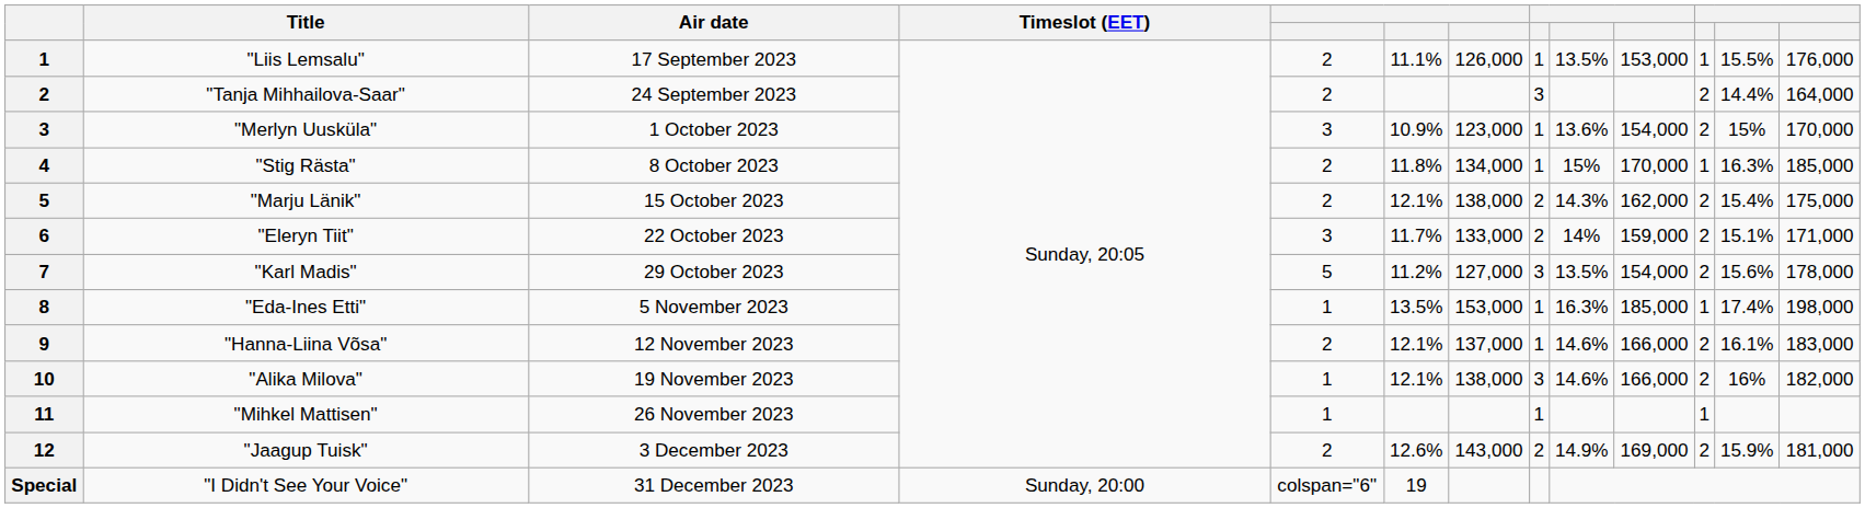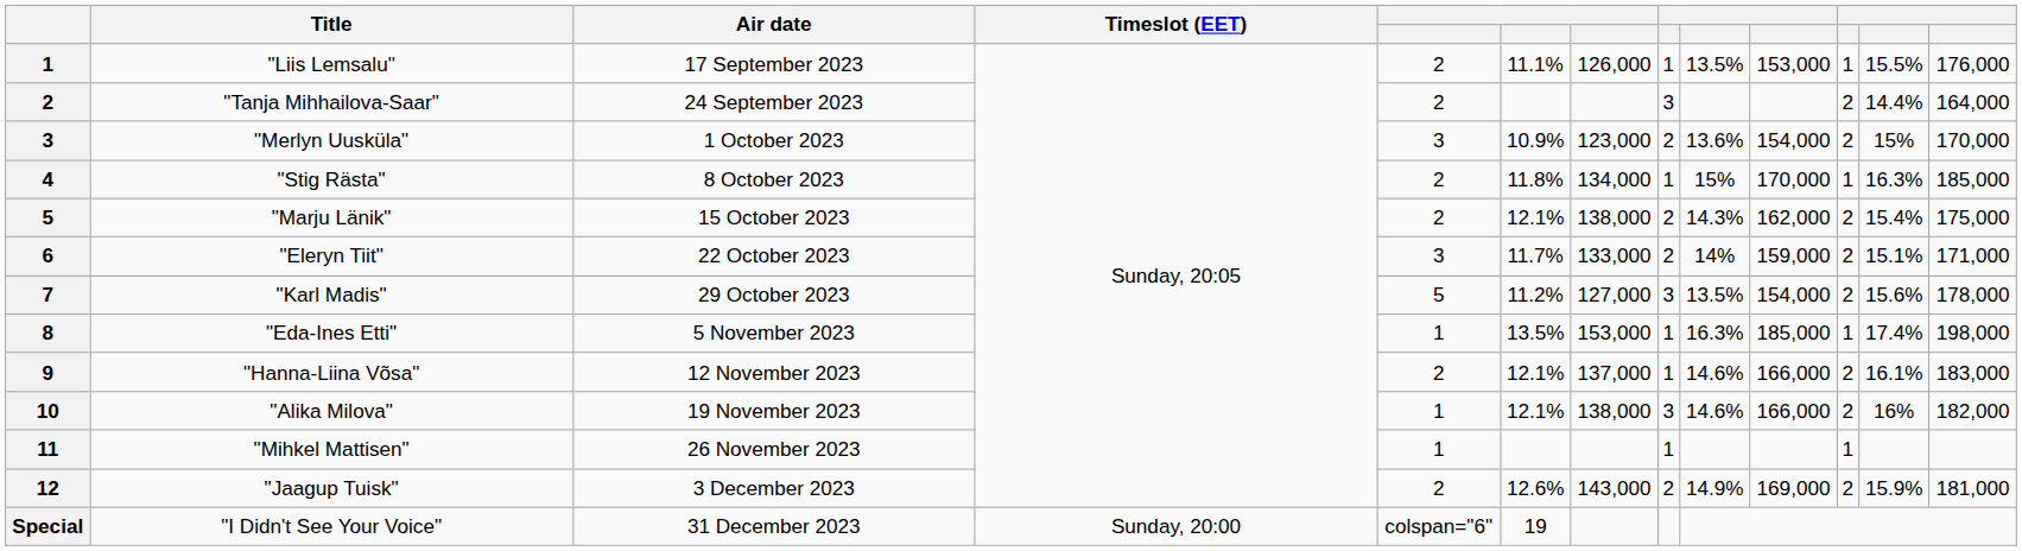 <table class="sortable wikitable plainrowheaders mw-collapsible" style="text-align:center; line-height:23px; width:100%;">
 <tr>
 <th rowspan=2 class="unsortable"></th>
 <th width=24% rowspan=2 class="unsortable">Title</th>
 <th width=20% rowspan=2 class="unsortable">Air date</th>
 <th width=20% rowspan=2 class="unsortable">Timeslot (<a href='#'>EET</a>)</th>
 <th colspan=3></th>
 <th colspan=3></th>
 <th colspan=3></th>
 </tr>
 <tr>
 <th class="unsortable"></th>
 <th></th>
 <th></th>
 <th class="unsortable"></th>
 <th></th>
 <th></th>
 <th class="unsortable"></th>
 <th></th>
 <th></th>
 </tr>
 <tr>
 <th>1</th>
 <td>"Liis Lemsalu"</td>
 <td>17 September 2023</td>
 <td rowspan="12">Sunday, 20:05</td>
 <td>2</td>
 <td>11.1%</td>
 <td>126,000</td>
 <td>1</td>
 <td>13.5%</td>
 <td>153,000</td>
 <td>1</td>
 <td>15.5%</td>
 <td>176,000</td>
 </tr>
 <tr>
 <th>2</th>
 <td>"Tanja Mihhailova-Saar"</td>
 <td>24 September 2023</td>
 <td>2</td>
 <td></td>
 <td></td>
 <td>3</td>
 <td></td>
 <td></td>
 <td>2</td>
 <td>14.4%</td>
 <td>164,000</td>
 </tr>
 <tr>
 <th>3</th>
 <td>"Merlyn Uusküla"</td>
 <td>1 October 2023</td>
 <td>3</td>
 <td>10.9%</td>
 <td>123,000</td>
-<td>1</td>
+<td>2</td>
 <td>13.6%</td>
 <td>154,000</td>
 <td>2</td>
 <td>15%</td>
 <td>170,000</td>
 </tr>
 <tr>
 <th>4</th>
 <td>"Stig Rästa"</td>
 <td>8 October 2023</td>
 <td>2</td>
 <td>11.8%</td>
 <td>134,000</td>
 <td>1</td>
 <td>15%</td>
 <td>170,000</td>
 <td>1</td>
 <td>16.3%</td>
 <td>185,000</td>
 </tr>
 <tr>
 <th>5</th>
 <td>"Marju Länik"</td>
 <td>15 October 2023</td>
 <td>2</td>
 <td>12.1%</td>
 <td>138,000</td>
 <td>2</td>
 <td>14.3%</td>
 <td>162,000</td>
 <td>2</td>
 <td>15.4%</td>
 <td>175,000</td>
 </tr>
 <tr>
 <th>6</th>
 <td>"Eleryn Tiit"</td>
 <td>22 October 2023</td>
 <td>3</td>
 <td>11.7%</td>
 <td>133,000</td>
 <td>2</td>
 <td>14%</td>
 <td>159,000</td>
 <td>2</td>
 <td>15.1%</td>
 <td>171,000</td>
 </tr>
 <tr>
 <th>7</th>
 <td>"Karl Madis"</td>
 <td>29 October 2023</td>
 <td>5</td>
 <td>11.2%</td>
 <td>127,000</td>
 <td>3</td>
 <td>13.5%</td>
 <td>154,000</td>
 <td>2</td>
 <td>15.6%</td>
 <td>178,000</td>
 </tr>
 <tr>
 <th>8</th>
 <td>"Eda-Ines Etti"</td>
 <td>5 November 2023</td>
 <td>1</td>
 <td>13.5%</td>
 <td>153,000</td>
 <td>1</td>
 <td>16.3%</td>
 <td>185,000</td>
 <td>1</td>
 <td>17.4%</td>
 <td>198,000</td>
 </tr>
 <tr>
 <th>9</th>
 <td>"Hanna-Liina Võsa"</td>
 <td>12 November 2023</td>
 <td>2</td>
 <td>12.1%</td>
 <td>137,000</td>
 <td>1</td>
 <td>14.6%</td>
 <td>166,000</td>
 <td>2</td>
 <td>16.1%</td>
 <td>183,000</td>
 </tr>
 <tr>
 <th>10</th>
 <td>"Alika Milova"</td>
 <td>19 November 2023</td>
 <td>1</td>
 <td>12.1%</td>
 <td>138,000</td>
 <td>3</td>
 <td>14.6%</td>
 <td>166,000</td>
 <td>2</td>
 <td>16%</td>
 <td>182,000</td>
 </tr>
 <tr>
 <th>11</th>
 <td>"Mihkel Mattisen"</td>
 <td>26 November 2023</td>
 <td>1</td>
 <td></td>
 <td></td>
 <td>1</td>
 <td></td>
 <td></td>
 <td>1</td>
 <td></td>
 <td></td>
 </tr>
 <tr>
 <th>12</th>
 <td>"Jaagup Tuisk"</td>
 <td>3 December 2023</td>
 <td>2</td>
 <td>12.6%</td>
 <td>143,000</td>
 <td>2</td>
 <td>14.9%</td>
 <td>169,000</td>
 <td>2</td>
 <td>15.9%</td>
 <td>181,000</td>
 </tr>
 <tr>
 <th>Special</th>
 <td>"I Didn't See Your Voice"</td>
 <td>31 December 2023</td>
 <td>Sunday, 20:00</td>
 <td>colspan="6" </td>
 <td>19</td>
 <td></td>
 <td></td>
 </tr>
 </table>
